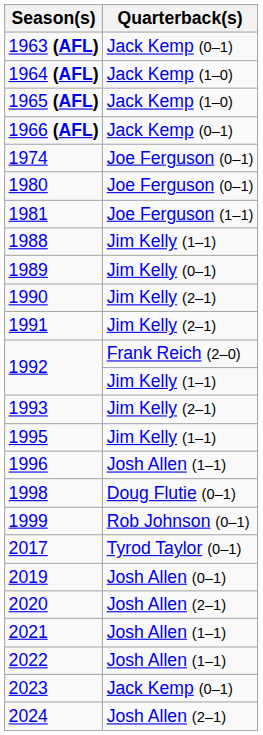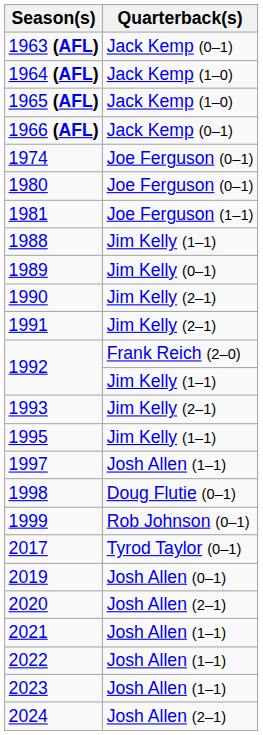 <table class="wikitable">
 <tr>
 <th>Season(s)</th>
 <th>Quarterback(s)</th>
 </tr>
 <tr>
 <td><a href='#'>1963</a> <strong>(<a href='#'>AFL</a>)</strong></td>
 <td><a href='#'>Jack Kemp</a> <small>(0–1)</small></td>
 </tr>
 <tr>
 <td><a href='#'>1964</a> <strong>(<a href='#'>AFL</a>)</strong></td>
 <td><a href='#'>Jack Kemp</a> <small>(1–0)</small></td>
 </tr>
 <tr>
 <td><a href='#'>1965</a> <strong>(<a href='#'>AFL</a>)</strong></td>
 <td><a href='#'>Jack Kemp</a> <small>(1–0)</small></td>
 </tr>
 <tr>
 <td><a href='#'>1966</a> <strong>(<a href='#'>AFL</a>)</strong></td>
 <td><a href='#'>Jack Kemp</a> <small>(0–1)</small></td>
 </tr>
 <tr>
 <td><a href='#'>1974</a></td>
 <td><a href='#'>Joe Ferguson</a> <small>(0–1)</small></td>
 </tr>
 <tr>
 <td><a href='#'>1980</a></td>
 <td><a href='#'>Joe Ferguson</a> <small>(0–1)</small></td>
 </tr>
 <tr>
 <td><a href='#'>1981</a></td>
 <td><a href='#'>Joe Ferguson</a> <small>(1–1)</small></td>
 </tr>
 <tr>
 <td><a href='#'>1988</a></td>
 <td><a href='#'>Jim Kelly</a> <small>(1–1)</small></td>
 </tr>
 <tr>
 <td><a href='#'>1989</a></td>
 <td><a href='#'>Jim Kelly</a> <small>(0–1)</small></td>
 </tr>
 <tr>
 <td><a href='#'>1990</a></td>
 <td><a href='#'>Jim Kelly</a> <small>(2–1)</small></td>
 </tr>
 <tr>
 <td><a href='#'>1991</a></td>
 <td><a href='#'>Jim Kelly</a> <small>(2–1)</small></td>
 </tr>
 <tr>
 <td rowspan="2"><a href='#'>1992</a></td>
 <td><a href='#'>Frank Reich</a> <small>(2–0)</small></td>
 </tr>
 <tr>
 <td><a href='#'>Jim Kelly</a> <small>(1–1)</small></td>
 </tr>
 <tr>
 <td><a href='#'>1993</a></td>
 <td><a href='#'>Jim Kelly</a> <small>(2–1)</small></td>
 </tr>
 <tr>
 <td><a href='#'>1995</a></td>
 <td><a href='#'>Jim Kelly</a> <small>(1–1)</small></td>
 </tr>
 <tr>
-<td><a href='#'>1996</a></td>
+<td><a href='#'>1997</a></td>
 <td><a href='#'>Josh Allen</a> <small>(1–1)</small></td>
 </tr>
 <tr>
 <td><a href='#'>1998</a></td>
 <td><a href='#'>Doug Flutie</a> <small>(0–1)</small></td>
 </tr>
 <tr>
 <td><a href='#'>1999</a></td>
 <td><a href='#'>Rob Johnson</a> <small>(0–1)</small></td>
 </tr>
 <tr>
 <td><a href='#'>2017</a></td>
 <td><a href='#'>Tyrod Taylor</a> <small>(0–1)</small></td>
 </tr>
 <tr>
 <td><a href='#'>2019</a></td>
 <td><a href='#'>Josh Allen</a> <small>(0–1)</small></td>
 </tr>
 <tr>
 <td><a href='#'>2020</a></td>
 <td><a href='#'>Josh Allen</a> <small>(2–1)</small></td>
 </tr>
 <tr>
 <td><a href='#'>2021</a></td>
 <td><a href='#'>Josh Allen</a> <small>(1–1)</small></td>
 </tr>
 <tr>
 <td><a href='#'>2022</a></td>
 <td><a href='#'>Josh Allen</a> <small>(1–1)</small></td>
 </tr>
 <tr>
 <td><a href='#'>2023</a></td>
-<td><a href='#'>Jack Kemp</a> <small>(0–1)</small></td>
+<td><a href='#'>Josh Allen</a> <small>(1–1)</small></td>
 </tr>
 <tr>
 <td><a href='#'>2024</a></td>
 <td><a href='#'>Josh Allen</a> <small>(2–1)</small></td>
 </tr>
 </table>
